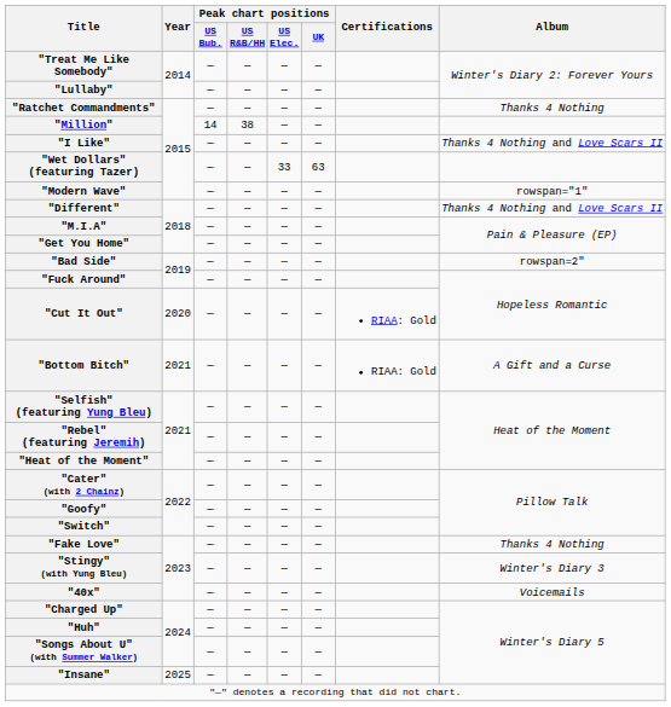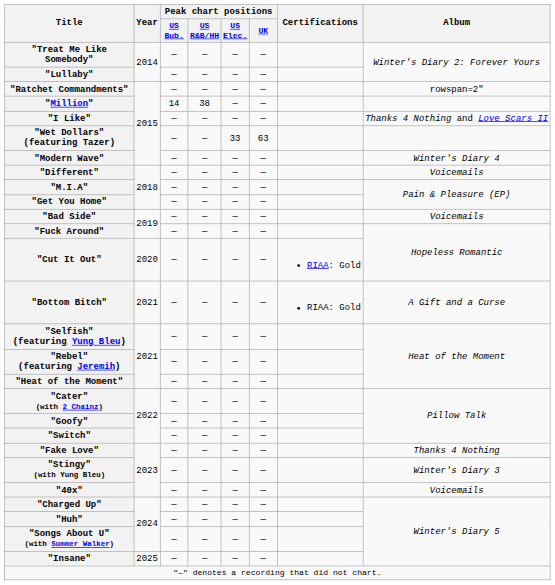 <table class="wikitable plainrowheaders" style="text-align:center;">
 <tr>
 <th scope="col" rowspan="2" style="width:14em;">Title</th>
 <th scope="col" rowspan="2">Year</th>
 <th scope="col" colspan="4">Peak chart positions</th>
 <th rowspan="2">Certifications</th>
 <th scope="col" rowspan="2">Album</th>
 </tr>
 <tr>
 <th scope="col" style="width:3em;font-size:90%;"><a href='#'>US<br>Bub.</a><br></th>
 <th scope="col" style="width:3em;font-size:90%;"><a href='#'>US<br>R&B/HH</a><br></th>
 <th scope="col" style="width:3em;font-size:90%;"><a href='#'>US<br>Elec.</a><br></th>
 <th scope="col" style="width:3em;font-size:90%;"><a href='#'>UK</a><br></th>
 </tr>
 <tr>
 <th scope="row">"Treat Me Like Somebody"</th>
 <td rowspan="2">2014</td>
 <td>—</td>
 <td>—</td>
 <td>—</td>
 <td>—</td>
 <td></td>
 <td rowspan="2"><em>Winter's Diary 2: Forever Yours</em></td>
 </tr>
 <tr>
 <th scope="row">"Lullaby"</th>
 <td>—</td>
 <td>—</td>
 <td>—</td>
 <td>—</td>
 <td></td>
 </tr>
 <tr>
 <th scope="row">"Ratchet Commandments"</th>
 <td rowspan="5">2015</td>
 <td>—</td>
 <td>—</td>
 <td>—</td>
 <td>—</td>
 <td></td>
-<td><em>Thanks 4 Nothing</em></td>
+<td>rowspan=2" </td>
 </tr>
 <tr>
 <th scope="row">"<a href='#'>Million</a>"</th>
 <td>14</td>
 <td>38</td>
 <td>—</td>
 <td>—</td>
 <td></td>
 </tr>
 <tr>
 <th scope="row">"I Like"</th>
 <td>—</td>
 <td>—</td>
 <td>—</td>
 <td>—</td>
 <td></td>
 <td><em>Thanks 4 Nothing</em> and <em><a href='#'>Love Scars II</a></em></td>
 </tr>
 <tr>
 <th scope="row">"Wet Dollars" <br><span>(featuring Tazer)</span></th>
 <td>—</td>
 <td>—</td>
 <td>33</td>
 <td>63</td>
 <td></td>
 <td></td>
 </tr>
 <tr>
 <th scope="row">"Modern Wave"</th>
 <td>—</td>
 <td>—</td>
 <td>—</td>
 <td>—</td>
 <td></td>
-<td>rowspan="1" </td>
+<td><em>Winter's Diary 4</em></td>
 </tr>
 <tr>
 <th scope="row">"Different"</th>
 <td rowspan="3">2018</td>
 <td>—</td>
 <td>—</td>
 <td>—</td>
 <td>—</td>
 <td></td>
-<td><em>Thanks 4 Nothing</em> and <em><a href='#'>Love Scars II</a></em></td>
+<td rowspan="1"><em>Voicemails</em></td>
 </tr>
 <tr>
 <th scope="row">"M.I.A"</th>
 <td>—</td>
 <td>—</td>
 <td>—</td>
 <td>—</td>
 <td></td>
 <td rowspan="2"><em>Pain & Pleasure (EP)</em></td>
 </tr>
 <tr>
 <th scope="row">"Get You Home"</th>
 <td>—</td>
 <td>—</td>
 <td>—</td>
 <td>—</td>
 <td></td>
 </tr>
 <tr>
 <th scope="row">"Bad Side"</th>
 <td rowspan="2">2019</td>
 <td>—</td>
 <td>—</td>
 <td>—</td>
 <td>—</td>
 <td></td>
-<td>rowspan=2" </td>
+<td><em>Voicemails</em></td>
 </tr>
 <tr>
 <th scope="row">"Fuck Around"</th>
 <td>—</td>
 <td>—</td>
 <td>—</td>
 <td>—</td>
 <td></td>
 <td rowspan="2"><em>Hopeless Romantic</em></td>
 </tr>
 <tr>
 <th scope="row">"Cut It Out"</th>
 <td>2020</td>
 <td>—</td>
 <td>—</td>
 <td>—</td>
 <td>—</td>
 <td><br><ul><li><a href='#'>RIAA</a>: Gold</li></ul></td>
 </tr>
 <tr>
 <th scope="row">"Bottom Bitch"</th>
 <td>2021</td>
 <td>—</td>
 <td>—</td>
 <td>—</td>
 <td>—</td>
 <td><br><ul><li>RIAA: Gold</li></ul></td>
 <td><em>A Gift and a Curse</em></td>
 </tr>
 <tr>
 <th scope="row">"Selfish"<br><span>(featuring <a href='#'>Yung Bleu</a>)</span></th>
 <td rowspan="3">2021</td>
 <td>—</td>
 <td>—</td>
 <td>—</td>
 <td>—</td>
 <td></td>
 <td rowspan="3"><em>Heat of the Moment</em></td>
 </tr>
 <tr>
 <th scope="row">"Rebel"<br><span>(featuring <a href='#'>Jeremih</a>)</span></th>
 <td>—</td>
 <td>—</td>
 <td>—</td>
 <td>—</td>
 <td></td>
 </tr>
 <tr>
 <th scope="row">"Heat of the Moment"</th>
 <td>—</td>
 <td>—</td>
 <td>—</td>
 <td>—</td>
 <td></td>
 </tr>
 <tr>
 <th scope="row">"Cater"<br><small>(with <a href='#'>2 Chainz</a>)</small></th>
 <td rowspan="3">2022</td>
 <td>—</td>
 <td>—</td>
 <td>—</td>
 <td>—</td>
 <td></td>
 <td rowspan="3"><em>Pillow Talk</em></td>
 </tr>
 <tr>
 <th scope="row">"Goofy"</th>
 <td>—</td>
 <td>—</td>
 <td>—</td>
 <td>—</td>
 <td></td>
 </tr>
 <tr>
 <th scope="row">"Switch"</th>
 <td>—</td>
 <td>—</td>
 <td>—</td>
 <td>—</td>
 <td></td>
 </tr>
 <tr>
 <th scope="row">"Fake Love"</th>
 <td rowspan="3">2023</td>
 <td>—</td>
 <td>—</td>
 <td>—</td>
 <td>—</td>
 <td></td>
 <td><em>Thanks 4 Nothing</em></td>
 </tr>
 <tr>
 <th scope="row">"Stingy"<br><small>(with Yung Bleu)</small></th>
 <td>—</td>
 <td>—</td>
 <td>—</td>
 <td>—</td>
 <td></td>
 <td rowspan="1"><em>Winter's Diary 3</em></td>
 </tr>
 <tr>
 <th scope="row">"40x"</th>
 <td>—</td>
 <td>—</td>
 <td>—</td>
 <td>—</td>
 <td></td>
 <td><em>Voicemails</em></td>
 </tr>
 <tr>
 <th scope="row">"Charged Up"</th>
 <td rowspan="3">2024</td>
 <td>—</td>
 <td>—</td>
 <td>—</td>
 <td>—</td>
 <td></td>
 <td rowspan="4"><em>Winter's Diary 5</em></td>
 </tr>
 <tr>
 <th scope="row">"Huh"</th>
 <td>—</td>
 <td>—</td>
 <td>—</td>
 <td>—</td>
 <td></td>
 </tr>
 <tr>
 <th scope="row">"Songs About U"<br><small>(with <a href='#'>Summer Walker</a>)</small></th>
 <td>—</td>
 <td>—</td>
 <td>—</td>
 <td>—</td>
 <td></td>
 </tr>
 <tr>
 <th scope="row">"Insane"</th>
 <td>2025</td>
 <td>—</td>
 <td>—</td>
 <td>—</td>
 <td>—</td>
 <td></td>
 </tr>
 <tr>
 <td colspan="16" style="font-size:90%">"—" denotes a recording that did not chart.</td>
 </tr>
 </table>
